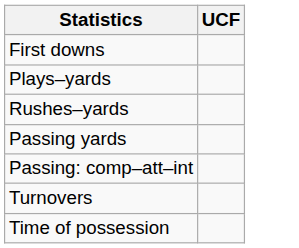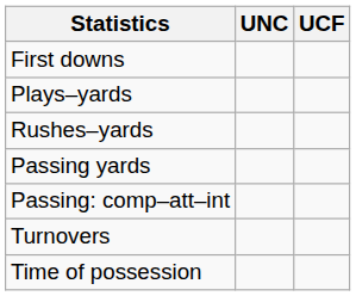 <table class="wikitable" style="float:left">
 <tr>
 <th>Statistics</th>
+<th>UNC</th>
 <th>UCF</th>
 </tr>
 <tr>
 <td>First downs</td>
 <td></td>
+<td></td>
 </tr>
 <tr>
 <td>Plays–yards</td>
+<td></td>
 <td></td>
 </tr>
 <tr>
 <td>Rushes–yards</td>
 <td></td>
+<td></td>
 </tr>
 <tr>
 <td>Passing yards</td>
+<td></td>
 <td></td>
 </tr>
 <tr>
 <td>Passing: comp–att–int</td>
 <td></td>
+<td></td>
 </tr>
 <tr>
 <td>Turnovers</td>
+<td></td>
 <td></td>
 </tr>
 <tr>
 <td>Time of possession</td>
 <td></td>
+<td></td>
 </tr>
 </table>
